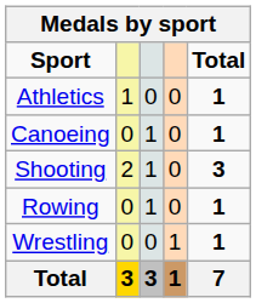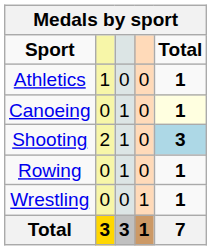 <table class="wikitable" style="font-size:85%; float:right;text-align:center">
 <tr style="background:#efefef;">
 <th colspan=5><strong>Medals by sport</strong></th>
 </tr>
 <tr align=center>
 <td><strong>Sport</strong></td>
 <td style="background:#f7f6a8;"></td>
 <td style="background:#dce5e5;"></td>
 <td style="background:#ffdab9;"></td>
 <td><strong>Total</strong></td>
 </tr>
 <tr align=center>
 <td><a href='#'>Athletics</a></td>
 <td style="background:#F7F6A8;">1</td>
 <td style="background:#DCE5E5;">0</td>
 <td style="background:#FFDAB9;">0</td>
 <td><strong>1</strong></td>
 </tr>
 <tr align=center>
 <td><a href='#'>Canoeing</a></td>
 <td style="background:#F7F6A8;">0</td>
 <td style="background:#DCE5E5;">1</td>
 <td style="background:#FFDAB9;">0</td>
-<td><strong>1</strong></td>
+<td style="background: lightyellow;"><strong>1</strong></td>
 </tr>
 <tr align=center>
 <td><a href='#'>Shooting</a></td>
 <td style="background:#F7F6A8;">2</td>
 <td style="background:#DCE5E5;">1</td>
 <td style="background:#FFDAB9;">0</td>
-<td><strong>3</strong></td>
+<td style="background: lightblue;"><strong>3</strong></td>
 </tr>
 <tr align=center>
 <td><a href='#'>Rowing</a></td>
 <td style="background:#F7F6A8;">0</td>
 <td style="background:#DCE5E5;">1</td>
 <td style="background:#FFDAB9;">0</td>
 <td><strong>1</strong></td>
 </tr>
 <tr align=center>
 <td><a href='#'>Wrestling</a></td>
 <td style="background:#F7F6A8;">0</td>
 <td style="background:#DCE5E5;">0</td>
 <td style="background:#FFDAB9;">1</td>
 <td><strong>1</strong></td>
 </tr>
 <tr align=center>
 <th><strong>Total</strong></th>
 <th style="background:gold;">3</th>
 <th style="background:silver;">3</th>
 <th style="background:#c96;">1</th>
 <th>7</th>
 </tr>
 </table>
